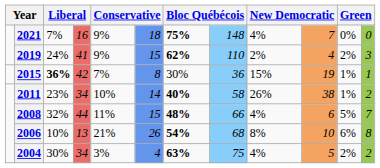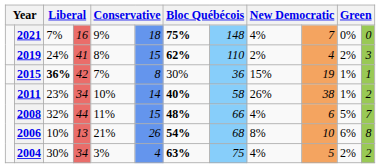 <table class="wikitable" style="float:right; width:400; font-size:90%; margin-left:1em;">
 <tr>
 <th colspan="2" scope="col">Year</th>
 <th colspan="2" scope="col"><a href='#'>Liberal</a></th>
 <th colspan="2" scope="col"><a href='#'>Conservative</a></th>
 <th colspan="2" scope="col"><a href='#'>Bloc Québécois</a></th>
 <th colspan="2" scope="col"><a href='#'>New Democratic</a></th>
 <th colspan="2" scope="col"><a href='#'>Green</a></th>
 </tr>
 <tr>
 <td rowspan="2" style="width: 0.25em; background-color: "></td>
 <th><a href='#'>2021</a></th>
 <td>7%</td>
 <td style="text-align:right; background:#EA6D6A;"><em>16</em></td>
 <td>9%</td>
 <td style="text-align:right; background:#6495ED;"><em>18</em></td>
 <td><strong>75%</strong></td>
 <td style="text-align:right; background:#87CEFA;"><em>148</em></td>
 <td>4%</td>
 <td style="text-align:right; background:#F4A460;"><em>7</em></td>
 <td>0%</td>
 <td style="text-align:right; background:#99C955;"><em>0</em></td>
 </tr>
 <tr>
 <th><a href='#'>2019</a></th>
 <td>24%</td>
 <td style="text-align:right; background:#EA6D6A;"><em>41</em></td>
-<td>9%</td>
+<td>8%</td>
 <td style="text-align:right; background:#6495ED;"><em>15</em></td>
 <td><strong>62%</strong></td>
 <td style="text-align:right; background:#87CEFA;"><em>110</em></td>
 <td>2%</td>
 <td style="text-align:right; background:#F4A460;"><em>4</em></td>
 <td>2%</td>
 <td style="text-align:right; background:#99C955;"><em>3</em></td>
 </tr>
 <tr>
 <td style="width: 0.25em; background-color: "></td>
 <th><a href='#'>2015</a></th>
 <td><strong>36%</strong></td>
 <td style="text-align:right; background:#EA6D6A;"><em>42</em></td>
 <td>7%</td>
 <td style="text-align:right; background:#6495ED;"><em>8</em></td>
 <td>30%</td>
 <td style="text-align:right; background:#87CEFA;"><em>36</em></td>
 <td>15%</td>
 <td style="text-align:right; background:#F4A460;"><em>19</em></td>
 <td>1%</td>
 <td style="text-align:right; background:#99C955;"><em>1</em></td>
 </tr>
 <tr>
 <td rowspan="4" style="width: 0.25em; background-color: "></td>
 <th><a href='#'>2011</a></th>
 <td>23%</td>
 <td style="text-align:right; background:#EA6D6A;"><em>34</em></td>
 <td>10%</td>
 <td style="text-align:right; background:#6495ED;"><em>14</em></td>
 <td><strong>40%</strong></td>
 <td style="text-align:right; background:#87CEFA;"><em>58</em></td>
 <td>26%</td>
 <td style="text-align:right; background:#F4A460;"><em>38</em></td>
 <td>1%</td>
 <td style="text-align:right; background:#99C955;"><em>2</em></td>
 </tr>
 <tr>
 <th><a href='#'>2008</a></th>
 <td>32%</td>
 <td style="text-align:right; background:#EA6D6A;"><em>44</em></td>
 <td>11%</td>
 <td style="text-align:right; background:#6495ED;"><em>15</em></td>
 <td><strong>48%</strong></td>
 <td style="text-align:right; background:#87CEFA;"><em>66</em></td>
 <td>4%</td>
 <td style="text-align:right; background:#F4A460;"><em>6</em></td>
 <td>5%</td>
 <td style="text-align:right; background:#99C955;"><em>7</em></td>
 </tr>
 <tr>
 <th><a href='#'>2006</a></th>
 <td>10%</td>
 <td style="text-align:right; background:#EA6D6A;"><em>13</em></td>
 <td>21%</td>
 <td style="text-align:right; background:#6495ED;"><em>26</em></td>
 <td><strong>54%</strong></td>
 <td style="text-align:right; background:#87CEFA;"><em>68</em></td>
 <td>8%</td>
 <td style="text-align:right; background:#F4A460;"><em>10</em></td>
 <td>6%</td>
 <td style="text-align:right; background:#99C955;"><em>8</em></td>
 </tr>
 <tr>
 <th><a href='#'>2004</a></th>
 <td>30%</td>
 <td style="text-align:right; background:#EA6D6A;"><em>34</em></td>
 <td>3%</td>
 <td style="text-align:right; background:#6495ED;"><em>4</em></td>
 <td><strong>63%</strong></td>
 <td style="text-align:right; background:#87CEFA;"><em>75</em></td>
 <td>4%</td>
 <td style="text-align:right; background:#F4A460;"><em>5</em></td>
 <td>2%</td>
 <td style="text-align:right; background:#99C955;"><em>2</em></td>
 </tr>
 </table>
